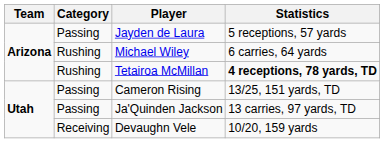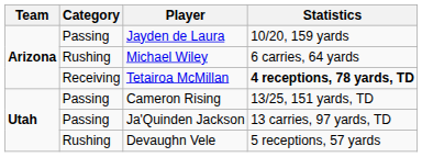 <table class="wikitable" style="float: right;">
 <tr>
 <th>Team</th>
 <th>Category</th>
 <th>Player</th>
 <th>Statistics</th>
 </tr>
 <tr>
 <td rowspan=3><strong>Arizona</strong></td>
 <td>Passing</td>
 <td><a href='#'>Jayden de Laura</a></td>
-<td>5 receptions, 57 yards</td>
+<td>10/20, 159 yards</td>
 </tr>
 <tr>
 <td>Rushing</td>
 <td><a href='#'>Michael Wiley</a></td>
 <td>6 carries, 64 yards</td>
 </tr>
 <tr>
-<td>Rushing</td>
+<td>Receiving</td>
 <td><a href='#'>Tetairoa McMillan</a></td>
 <td><strong>4 receptions, 78 yards, TD</strong></td>
 </tr>
 <tr>
 <td rowspan=3><strong>Utah</strong></td>
 <td>Passing</td>
 <td>Cameron Rising</td>
 <td>13/25, 151 yards, TD</td>
 </tr>
 <tr>
 <td>Passing</td>
 <td>Ja'Quinden Jackson</td>
 <td>13 carries, 97 yards, TD</td>
 </tr>
 <tr>
-<td>Receiving</td>
+<td>Rushing</td>
 <td>Devaughn Vele</td>
-<td>10/20, 159 yards</td>
+<td>5 receptions, 57 yards</td>
 </tr>
 </table>
